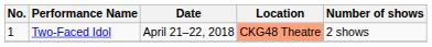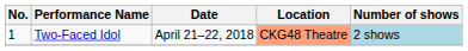 <table class="wikitable">
 <tr>
 <th>No.</th>
 <th>Performance Name</th>
 <th>Date</th>
 <th>Location</th>
 <th>Number of shows</th>
 </tr>
 <tr>
 <td>1</td>
 <td><a href='#'>Two-Faced Idol</a></td>
 <td>April 21–22, 2018</td>
 <td style="background: lightsalmon;">CKG48 Theatre</td>
-<td>2 shows</td>
+<td style="background: lightblue;">2 shows</td>
 </tr>
 <tr>
 </tr>
 </table>
